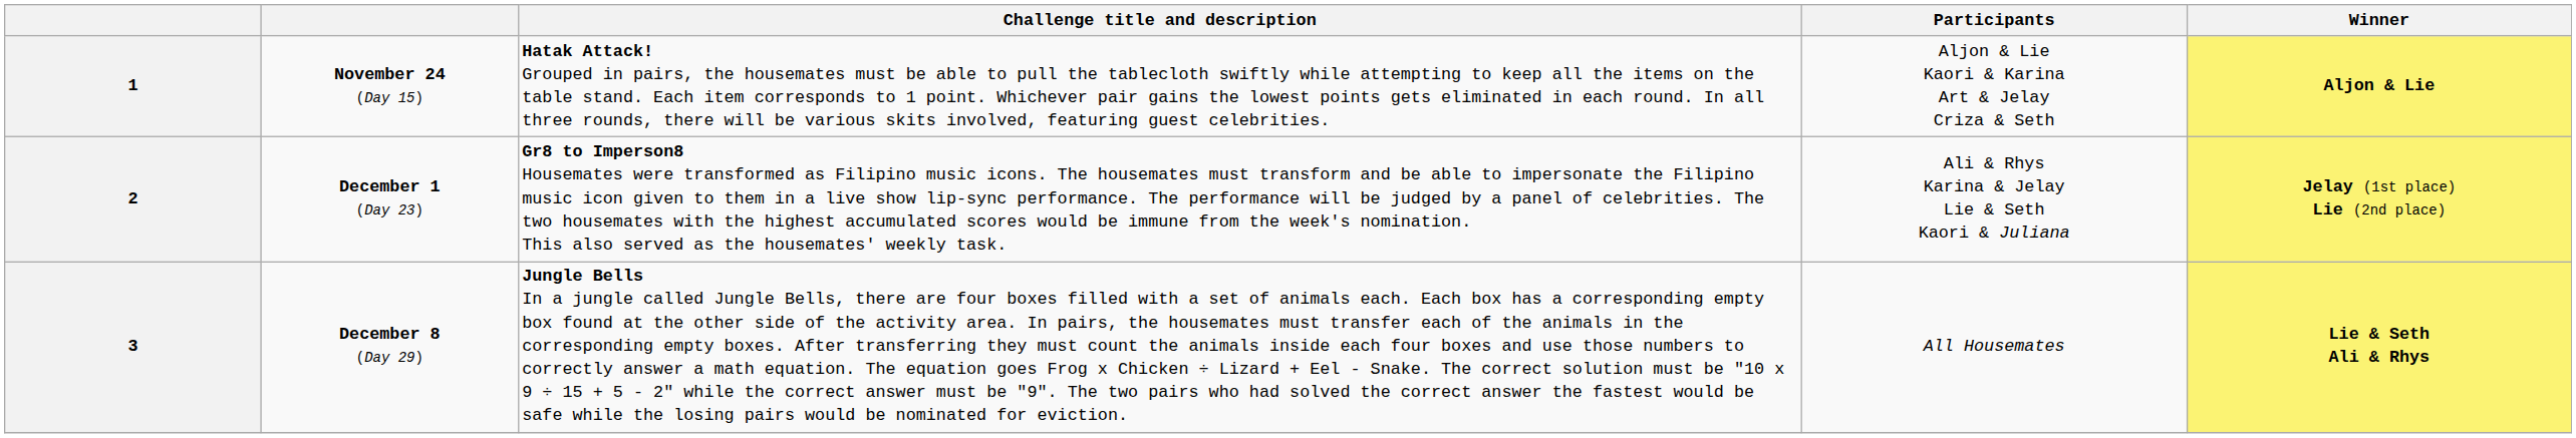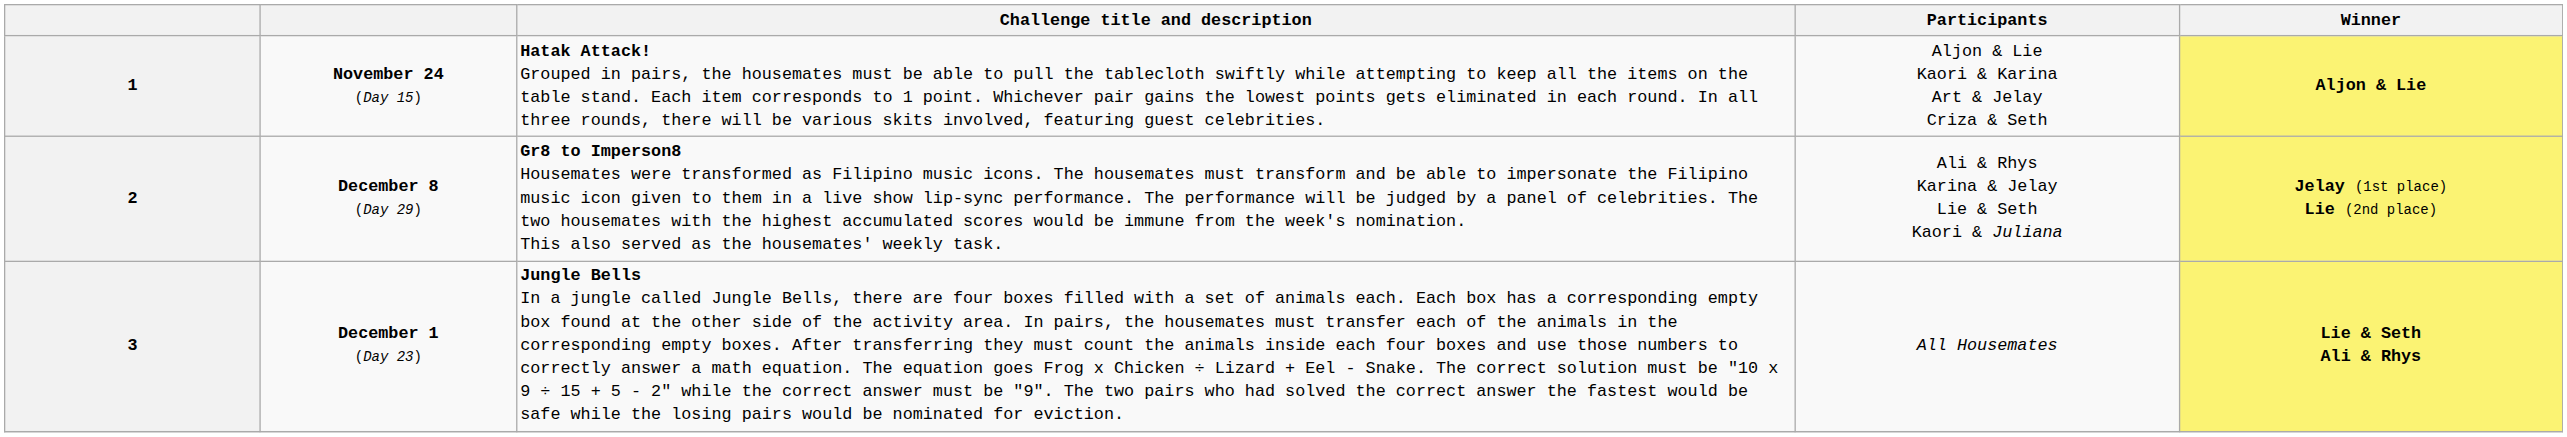 <table class="wikitable" style="text-align:center; font-size:100%; line-height:18px;" width="100%">
 <tr>
 <th style="width: 10%;"></th>
 <th style="width: 10%;"></th>
 <th style="width: 50%;">Challenge title and description</th>
 <th style="width: 15%;">Participants</th>
 <th style="width: 15%;">Winner</th>
 </tr>
 <tr>
 <th>1</th>
 <td><strong>November 24</strong><br><small>(<em>Day 15</em>)</small></td>
 <td align="left"><strong>Hatak Attack!</strong><br>Grouped in pairs, the housemates must be able to pull the tablecloth swiftly while attempting to keep all the items on the table stand. Each item corresponds to 1 point. Whichever pair gains the lowest points gets eliminated in each round. In all three rounds, there will be various skits involved, featuring guest celebrities.</td>
 <td>Aljon & Lie<br>Kaori & Karina<br>Art & Jelay<br>Criza & Seth</td>
 <td style="background:#FBF373;"><strong>Aljon & Lie</strong></td>
 </tr>
 <tr>
 <th>2</th>
-<td><strong>December 1</strong><br><small>(<em>Day 23</em>)</small></td>
+<td><strong>December 8</strong><br><small>(<em>Day 29</em>)</small></td>
 <td align="left"><strong>Gr8 to Imperson8</strong><br>Housemates were transformed as Filipino music icons. The housemates must transform and be able to impersonate the Filipino music icon given to them in a live show lip-sync performance. The performance will be judged by a panel of celebrities. The two housemates with the highest accumulated scores would be immune from the week's nomination.<br>This also served as the housemates' weekly task.</td>
 <td>Ali & Rhys<br>Karina & Jelay<br>Lie & Seth<br>Kaori & <em>Juliana</em></td>
 <td style="background:#FBF373;"><strong>Jelay</strong> <small>(1st place)</small><br><strong>Lie</strong> <small>(2nd place)</small></td>
 </tr>
 <tr>
 <th>3</th>
-<td><strong>December 8</strong><br><small>(<em>Day 29</em>)</small></td>
+<td><strong>December 1</strong><br><small>(<em>Day 23</em>)</small></td>
 <td align="left"><strong>Jungle Bells</strong><br>In a jungle called Jungle Bells, there are four boxes filled with a set of animals each. Each box has a corresponding empty box found at the other side of the activity area. In pairs, the housemates must transfer each of the animals in the corresponding empty boxes. After transferring they must count the animals inside each four boxes and use those numbers to correctly answer a math equation. The equation goes Frog x Chicken ÷ Lizard + Eel - Snake. The correct solution must be "10 x 9 ÷ 15 + 5 - 2" while the correct answer must be "9". The two pairs who had solved the correct answer the fastest would be safe while the losing pairs would be nominated for eviction.</td>
 <td><em>All Housemates</em></td>
 <td style="background:#FBF373;"><strong>Lie & Seth<br>Ali & Rhys</strong></td>
 </tr>
 <tr>
 </tr>
 </table>
